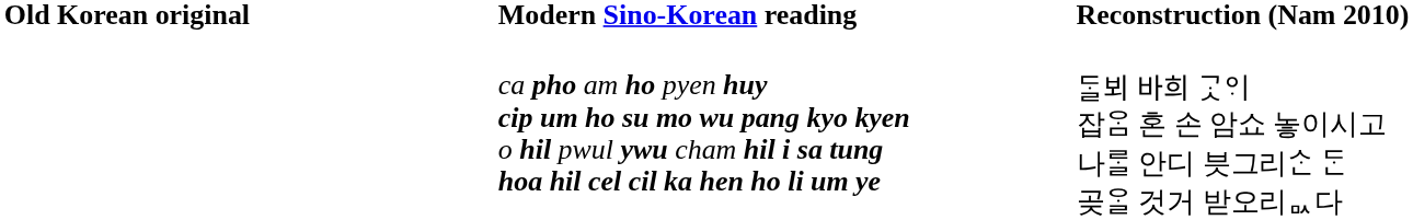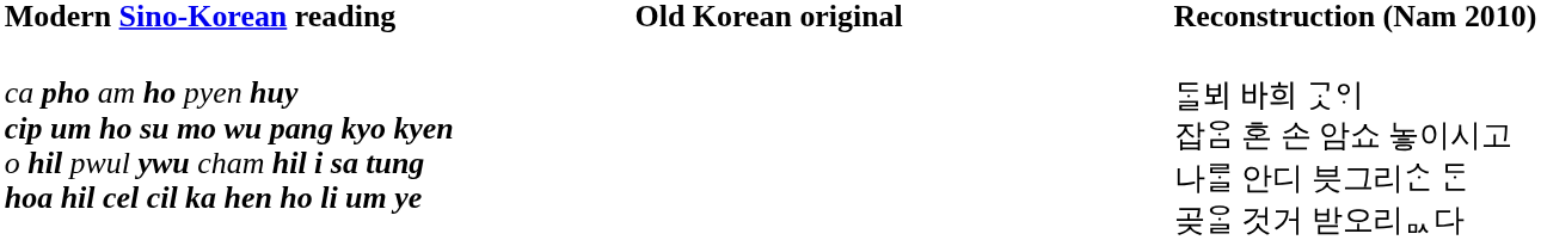 <table>
 <tr>
+<th style="text-align:left;" width="41%"><strong>Modern <a href='#'>Sino-Korean</a> reading</strong></th>
 <th style="text-align:left;" width="35%"><strong>Old Korean original</strong></th>
-<th style="text-align:left;" width="41%"><strong>Modern <a href='#'>Sino-Korean</a> reading</strong></th>
 <th style="text-align:left;" width="30%"><strong>Reconstruction (Nam 2010)</strong></th>
 </tr>
 <tr valign=top>
+<td><br><em>ca <strong>pho</strong> am <strong>ho</strong> pyen <strong>huy<strong><em><br></em>cip </strong>um ho<strong> su mo wu pang </strong>kyo kyen</em></strong><br><em>o <strong>hil</strong> pwul <strong>ywu</strong> cham <strong>hil i sa tung<strong><em><br></em>hoa </strong>hil<strong> cel </strong>cil ka<strong> hen </strong>ho li um ye</em></strong></td>
 <td></td>
-<td><br><em>ca <strong>pho</strong> am <strong>ho</strong> pyen <strong>huy<strong><em><br></em>cip </strong>um ho<strong> su mo wu pang </strong>kyo kyen</em></strong><br><em>o <strong>hil</strong> pwul <strong>ywu</strong> cham <strong>hil i sa tung<strong><em><br></em>hoa </strong>hil<strong> cel </strong>cil ka<strong> hen </strong>ho li um ye</em></strong></td>
 <td><br>ᄃᆞᆯ뵈 바희 ᄀᆞᆺᄋᆡ<br>잡ᄋᆞᆷ 혼 손 암쇼 놓이시고<br>나ᄅᆞᆯ 안디 븟그리ᄉᆞᆫ ᄃᆞᆫ<br>곶ᄋᆞᆯ 것거 받오리ᇝ다</td>
 </tr>
 </table>
